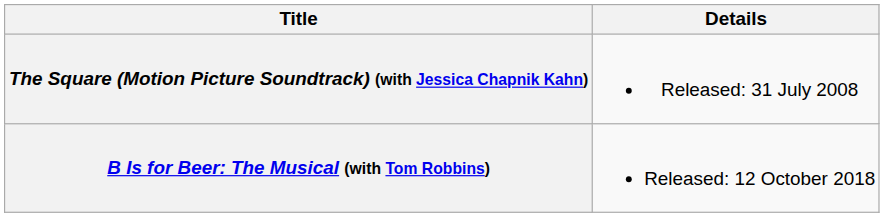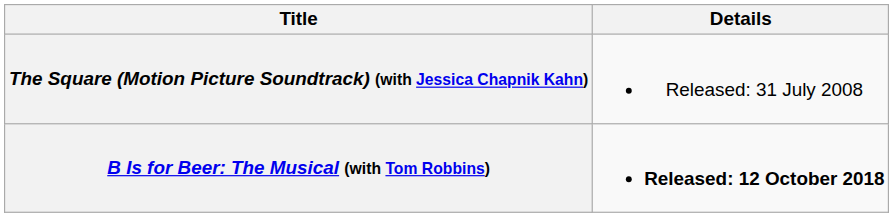 <table class="wikitable plainrowheaders" style="text-align:center">
 <tr>
 <th>Title</th>
 <th>Details</th>
 </tr>
 <tr>
 <th scope="row"><em>The Square (Motion Picture Soundtrack)</em> <small>(with <a href='#'>Jessica Chapnik Kahn</a>)</small></th>
 <td><br><ul><li>Released: 31 July 2008</li></ul></td>
 </tr>
 <tr>
 <th scope="row"><em><a href='#'>B Is for Beer: The Musical</a></em> <small>(with <a href='#'>Tom Robbins</a>)</small></th>
-<td><br><ul><li>Released: 12 October 2018</li></ul></td>
+<td><strong><br><ul><li>Released: 12 October 2018</li></ul></strong></td>
 </tr>
 </table>
